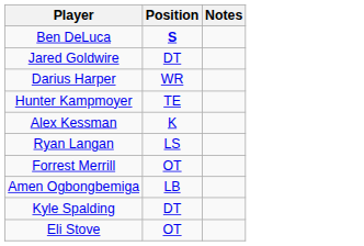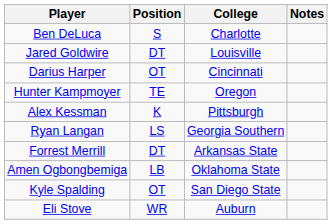 <table class="wikitable" style="text-align:center">
 <tr>
 <th>Player</th>
 <th>Position</th>
+<th>College</th>
 <th>Notes</th>
 </tr>
 <tr>
 <td><a href='#'>Ben DeLuca</a></td>
-<td><strong><a href='#'>S</a></strong></td>
+<td><a href='#'>S</a></td>
+<td><a href='#'>Charlotte</a></td>
 <td></td>
 </tr>
 <tr>
 <td><a href='#'>Jared Goldwire</a></td>
 <td><a href='#'>DT</a></td>
+<td><a href='#'>Louisville</a></td>
 <td></td>
 </tr>
 <tr>
 <td><a href='#'>Darius Harper</a></td>
-<td><a href='#'>WR</a></td>
+<td><a href='#'>OT</a></td>
+<td><a href='#'>Cincinnati</a></td>
 <td></td>
 </tr>
 <tr>
 <td><a href='#'>Hunter Kampmoyer</a></td>
 <td><a href='#'>TE</a></td>
+<td><a href='#'>Oregon</a></td>
 <td></td>
 </tr>
 <tr>
 <td><a href='#'>Alex Kessman</a></td>
 <td><a href='#'>K</a></td>
+<td><a href='#'>Pittsburgh</a></td>
 <td></td>
 </tr>
 <tr>
 <td><a href='#'>Ryan Langan</a></td>
 <td><a href='#'>LS</a></td>
+<td><a href='#'>Georgia Southern</a></td>
 <td></td>
 </tr>
 <tr>
 <td><a href='#'>Forrest Merrill</a></td>
-<td><a href='#'>OT</a></td>
+<td><a href='#'>DT</a></td>
+<td><a href='#'>Arkansas State</a></td>
 <td></td>
 </tr>
 <tr>
 <td><a href='#'>Amen Ogbongbemiga</a></td>
 <td><a href='#'>LB</a></td>
+<td><a href='#'>Oklahoma State</a></td>
 <td></td>
 </tr>
 <tr>
 <td><a href='#'>Kyle Spalding</a></td>
-<td><a href='#'>DT</a></td>
+<td><a href='#'>OT</a></td>
+<td><a href='#'>San Diego State</a></td>
 <td></td>
 </tr>
 <tr>
 <td><a href='#'>Eli Stove</a></td>
-<td><a href='#'>OT</a></td>
+<td><a href='#'>WR</a></td>
+<td><a href='#'>Auburn</a></td>
 <td></td>
 </tr>
 </table>
